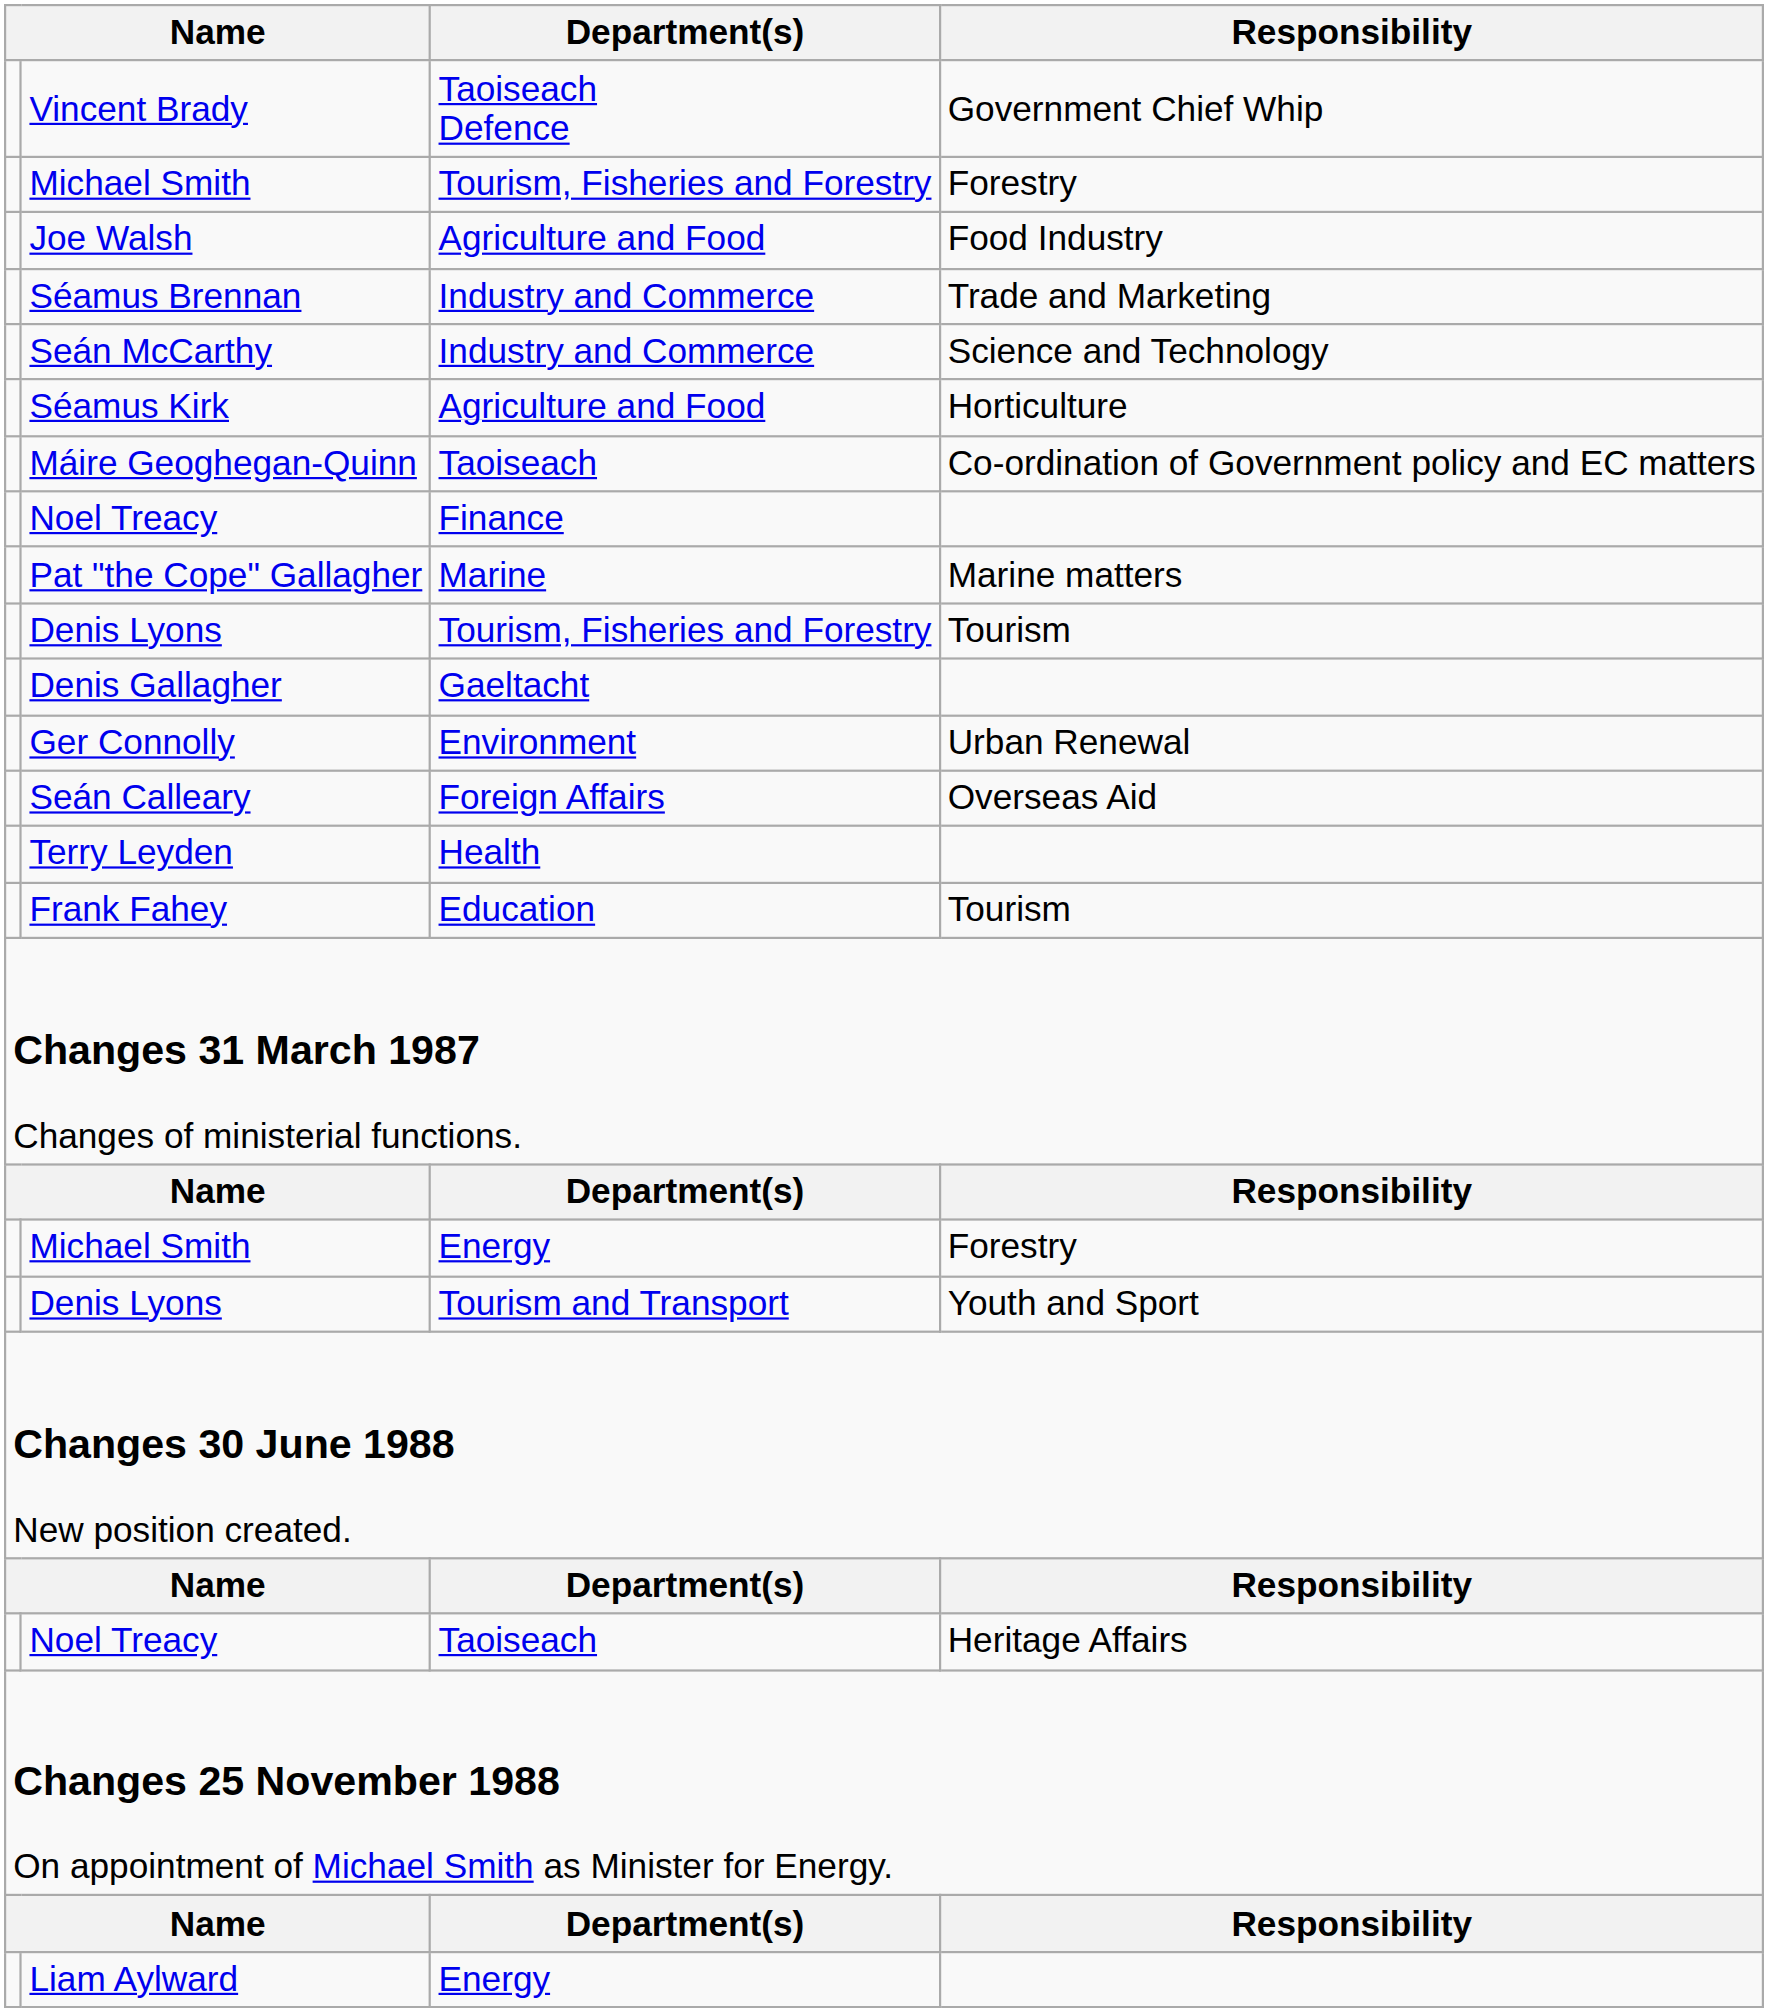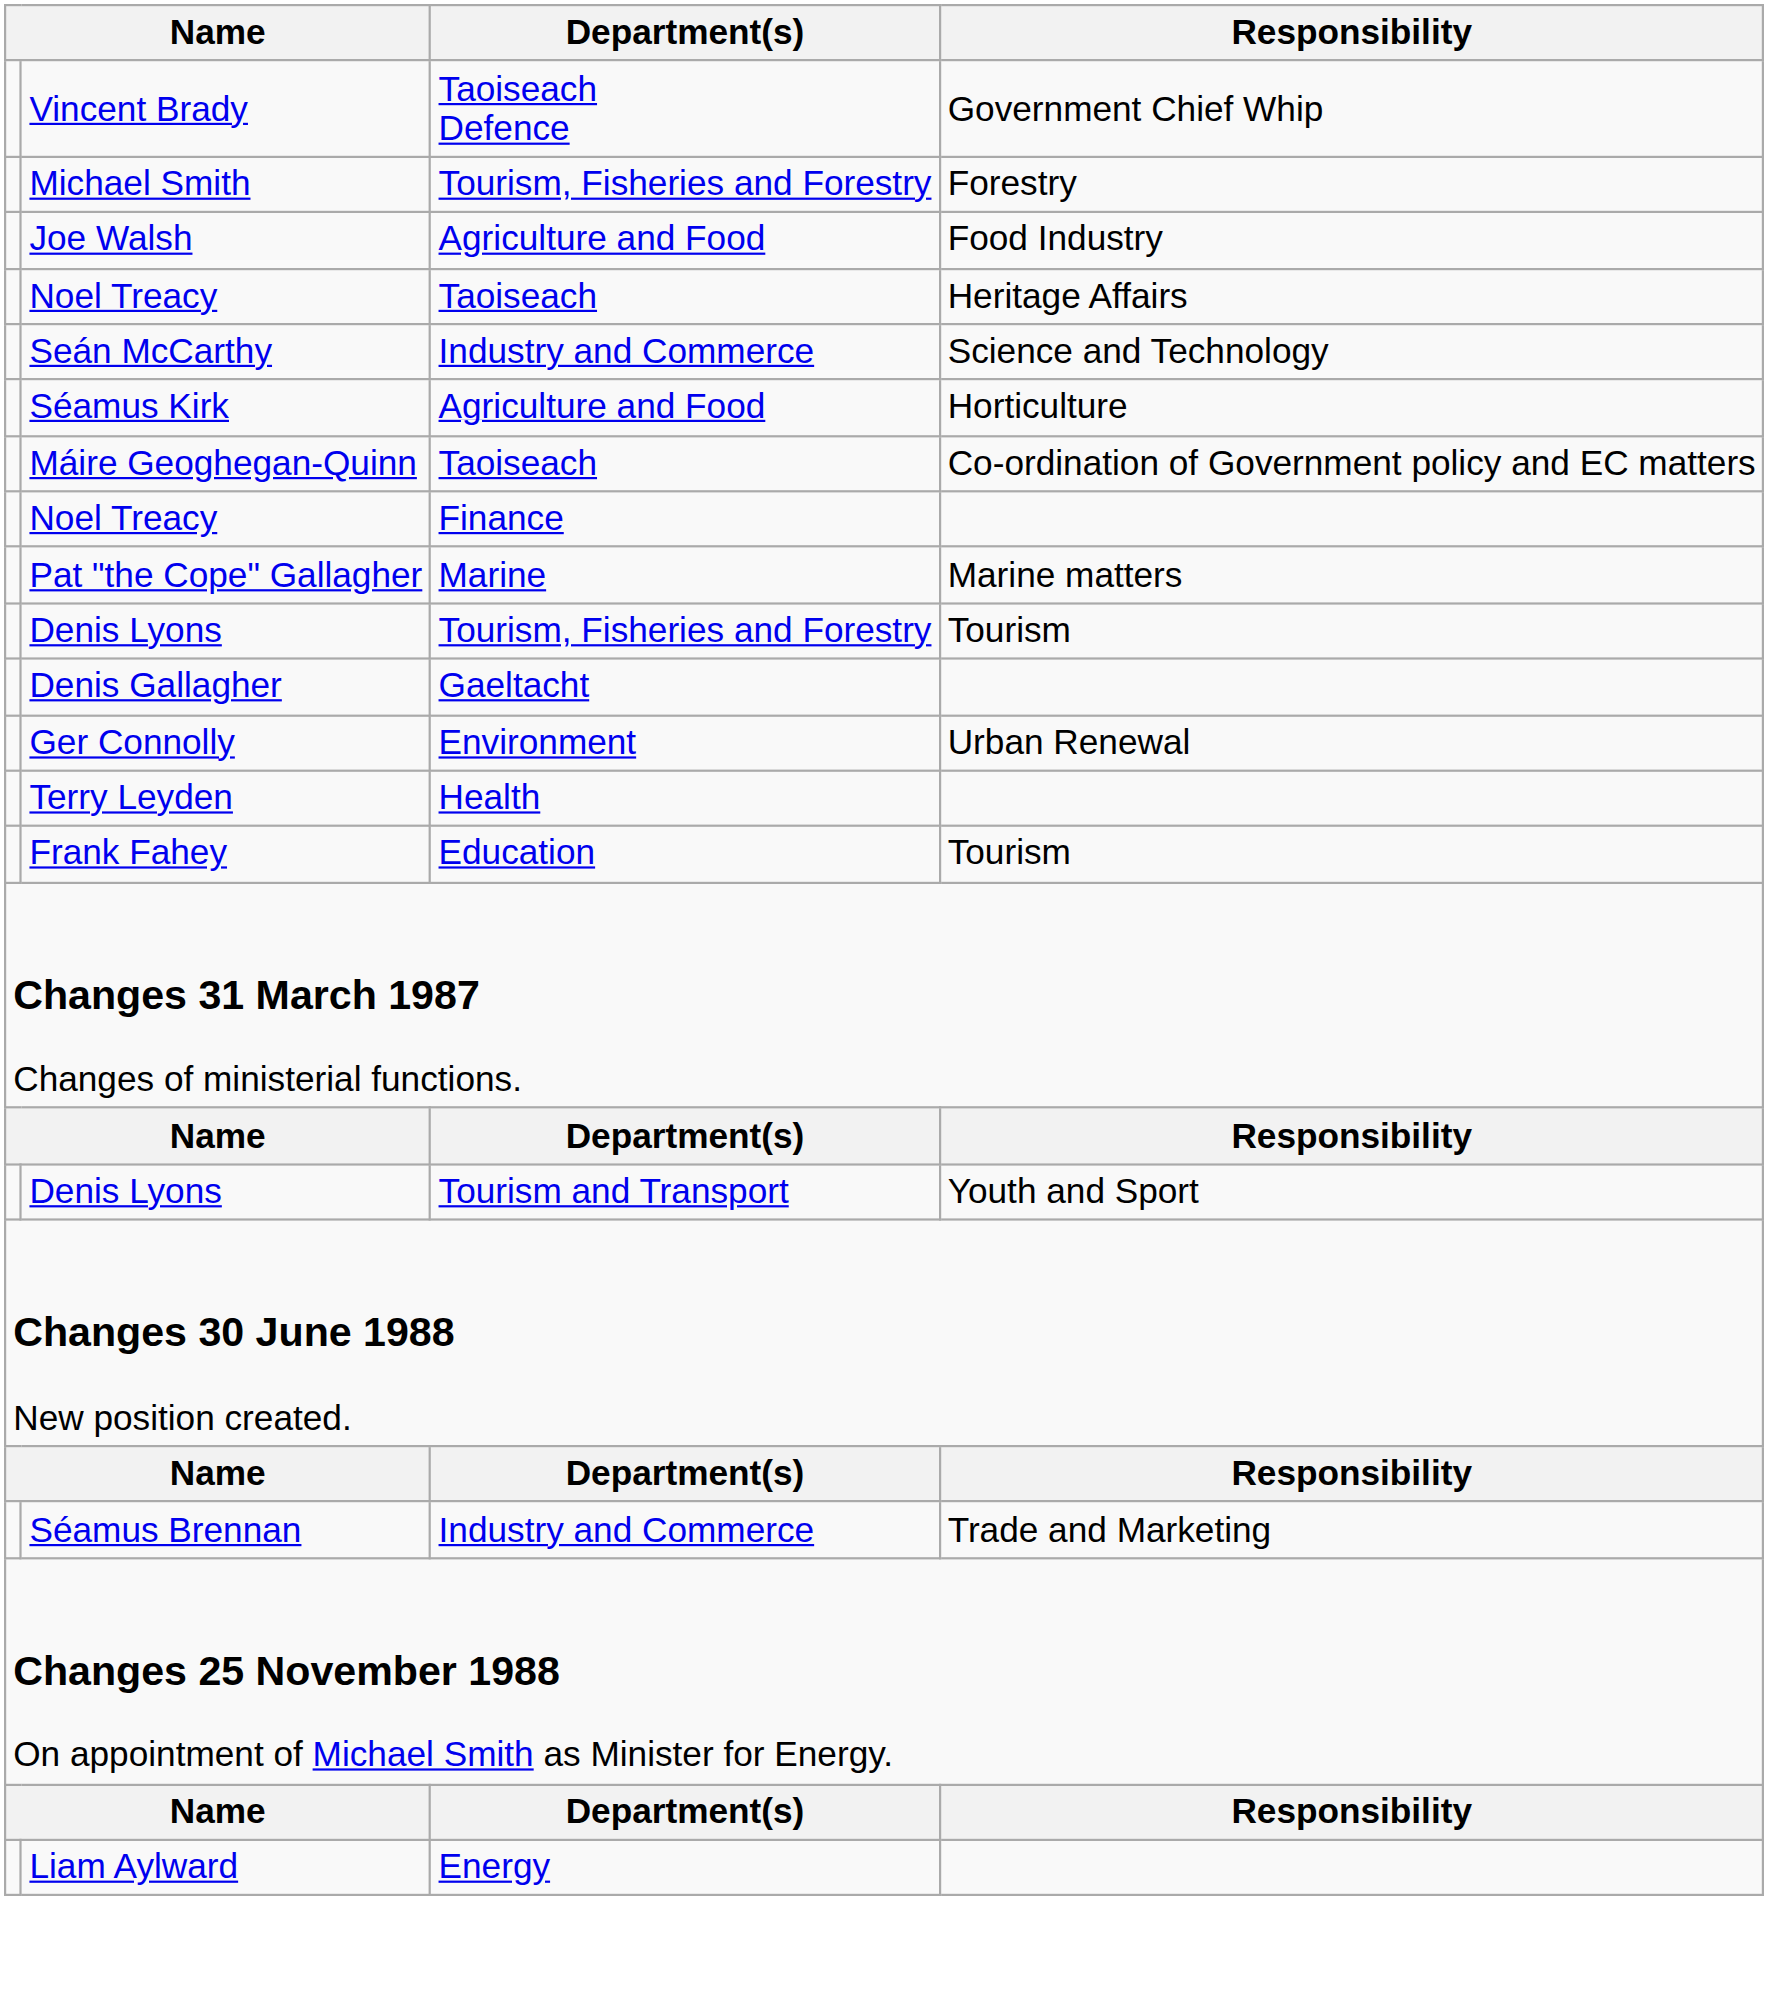 <table class="wikitable">
 <tr>
 <th colspan="2">Name</th>
 <th>Department(s)</th>
 <th>Responsibility</th>
 </tr>
 <tr>
 <td style="background-color: "></td>
 <td><a href='#'>Vincent Brady</a></td>
 <td><a href='#'>Taoiseach</a><br><a href='#'>Defence</a></td>
 <td>Government Chief Whip</td>
 </tr>
 <tr>
 <td style="background-color: "></td>
 <td><a href='#'>Michael Smith</a></td>
 <td><a href='#'>Tourism, Fisheries and Forestry</a></td>
 <td>Forestry</td>
 </tr>
 <tr>
 <td style="background-color: "></td>
 <td><a href='#'>Joe Walsh</a></td>
 <td><a href='#'>Agriculture and Food</a></td>
 <td>Food Industry</td>
 </tr>
 <tr>
 <td style="background-color: "></td>
-<td><a href='#'>Séamus Brennan</a></td>
-<td><a href='#'>Industry and Commerce</a></td>
-<td>Trade and Marketing</td>
+<td><a href='#'>Noel Treacy</a></td>
+<td><a href='#'>Taoiseach</a></td>
+<td>Heritage Affairs</td>
 </tr>
 <tr>
 <td style="background-color: "></td>
 <td><a href='#'>Seán McCarthy</a></td>
 <td><a href='#'>Industry and Commerce</a></td>
 <td>Science and Technology</td>
 </tr>
 <tr>
 <td style="background-color: "></td>
 <td><a href='#'>Séamus Kirk</a></td>
 <td><a href='#'>Agriculture and Food</a></td>
 <td>Horticulture</td>
 </tr>
 <tr>
 <td style="background-color: "></td>
 <td><a href='#'>Máire Geoghegan-Quinn</a></td>
 <td><a href='#'>Taoiseach</a></td>
 <td>Co-ordination of Government policy and EC matters</td>
 </tr>
 <tr>
 <td style="background-color: "></td>
 <td><a href='#'>Noel Treacy</a></td>
 <td><a href='#'>Finance</a></td>
 <td></td>
 </tr>
 <tr>
 <td style="background-color: "></td>
 <td><a href='#'>Pat "the Cope" Gallagher</a></td>
 <td><a href='#'>Marine</a></td>
 <td>Marine matters</td>
 </tr>
 <tr>
 <td style="background-color: "></td>
 <td><a href='#'>Denis Lyons</a></td>
 <td><a href='#'>Tourism, Fisheries and Forestry</a></td>
 <td>Tourism</td>
 </tr>
 <tr>
 <td style="background-color: "></td>
 <td><a href='#'>Denis Gallagher</a></td>
 <td><a href='#'>Gaeltacht</a></td>
 <td></td>
 </tr>
 <tr>
 <td style="background-color: "></td>
 <td><a href='#'>Ger Connolly</a></td>
 <td><a href='#'>Environment</a></td>
 <td>Urban Renewal</td>
 </tr>
 <tr>
 <td style="background-color: "></td>
-<td><a href='#'>Seán Calleary</a></td>
-<td><a href='#'>Foreign Affairs</a></td>
-<td>Overseas Aid</td>
-</tr>
-<tr>
-<td style="background-color: "></td>
 <td><a href='#'>Terry Leyden</a></td>
 <td><a href='#'>Health</a></td>
 <td></td>
 </tr>
 <tr>
 <td style="background-color: "></td>
 <td><a href='#'>Frank Fahey</a></td>
 <td><a href='#'>Education</a></td>
 <td>Tourism</td>
 </tr>
 <tr>
 <td colspan="4"><br><h3>Changes 31 March 1987</h3>Changes of ministerial functions.</td>
 </tr>
 <tr>
 <th colspan="2">Name</th>
 <th>Department(s)</th>
 <th>Responsibility</th>
 </tr>
 <tr>
 <td style="background-color: "></td>
-<td><a href='#'>Michael Smith</a></td>
-<td><a href='#'>Energy</a></td>
-<td>Forestry</td>
-</tr>
-<tr>
-<td style="background-color: "></td>
 <td><a href='#'>Denis Lyons</a></td>
 <td><a href='#'>Tourism and Transport</a></td>
 <td>Youth and Sport</td>
 </tr>
 <tr>
 <td colspan="4"><br><h3>Changes 30 June 1988</h3>New position created.</td>
 </tr>
 <tr>
 <th colspan="2">Name</th>
 <th>Department(s)</th>
 <th>Responsibility</th>
 </tr>
 <tr>
 <td style="background-color: "></td>
-<td><a href='#'>Noel Treacy</a></td>
-<td><a href='#'>Taoiseach</a></td>
-<td>Heritage Affairs</td>
+<td><a href='#'>Séamus Brennan</a></td>
+<td><a href='#'>Industry and Commerce</a></td>
+<td>Trade and Marketing</td>
 </tr>
 <tr>
 <td colspan="4"><br><h3>Changes 25 November 1988</h3>On appointment of <a href='#'>Michael Smith</a> as Minister for Energy.</td>
 </tr>
 <tr>
 <th colspan="2">Name</th>
 <th>Department(s)</th>
 <th>Responsibility</th>
 </tr>
 <tr>
 <td style="background-color: "></td>
 <td><a href='#'>Liam Aylward</a></td>
 <td><a href='#'>Energy</a></td>
 <td></td>
 </tr>
 </table>
